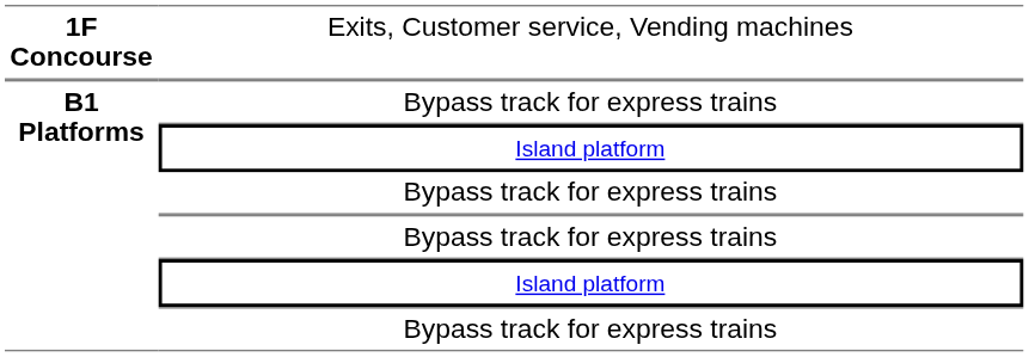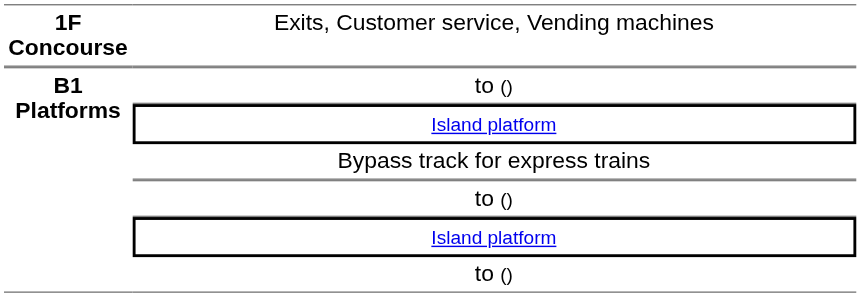 <table table border=0 cellspacing=0 cellpadding=3>
 <tr>
 <td style="border-bottom:solid 1px gray; border-top:solid 1px gray;text-align:center" valign=top><strong>1F<br>Concourse</strong></td>
 <td style="border-bottom:solid 1px gray; border-top:solid 1px gray;text-align:center;" valign=top width=500>Exits, Customer service, Vending machines</td>
 </tr>
 <tr>
 <td style="border-bottom:solid 1px gray; border-top:solid 1px gray;text-align:center" rowspan="6" valign=top><strong>B1<br>Platforms</strong></td>
-<td style="border-bottom:solid 1px gray; border-top:solid 1px gray;text-align:center;">Bypass track for  express trains </td>
+<td style="border-bottom:solid 1px gray; border-top:solid 1px gray;text-align:center;">  to  <small>()</small></td>
 </tr>
 <tr>
 <td style="border-right:solid 2px black;border-left:solid 2px black;border-top:solid 2px black;border-bottom:solid 2px black;text-align:center;" colspan=2><small><a href='#'>Island platform</a></small></td>
 </tr>
 <tr>
 <td style="border-bottom:solid 1px gray;text-align:center;"> Bypass track for  express trains</td>
 </tr>
 <tr>
-<td style="border-bottom:solid 1px gray; border-top:solid 1px gray;text-align:center;">Bypass track for  express trains </td>
+<td style="border-bottom:solid 1px gray; border-top:solid 1px gray;text-align:center;">  to  <small>()</small></td>
 </tr>
 <tr>
 <td style="border-right:solid 2px black;border-left:solid 2px black;border-top:solid 2px black;border-bottom:solid 2px black;text-align:center;" colspan=2><small><a href='#'>Island platform</a></small></td>
 </tr>
 <tr>
-<td style="border-bottom:solid 1px gray; border-top:solid 1px gray;text-align:center;">Bypass track for  express trains </td>
+<td style="border-bottom:solid 1px gray;text-align:center;"> to  <small>() </small></td>
 </tr>
 </table>
